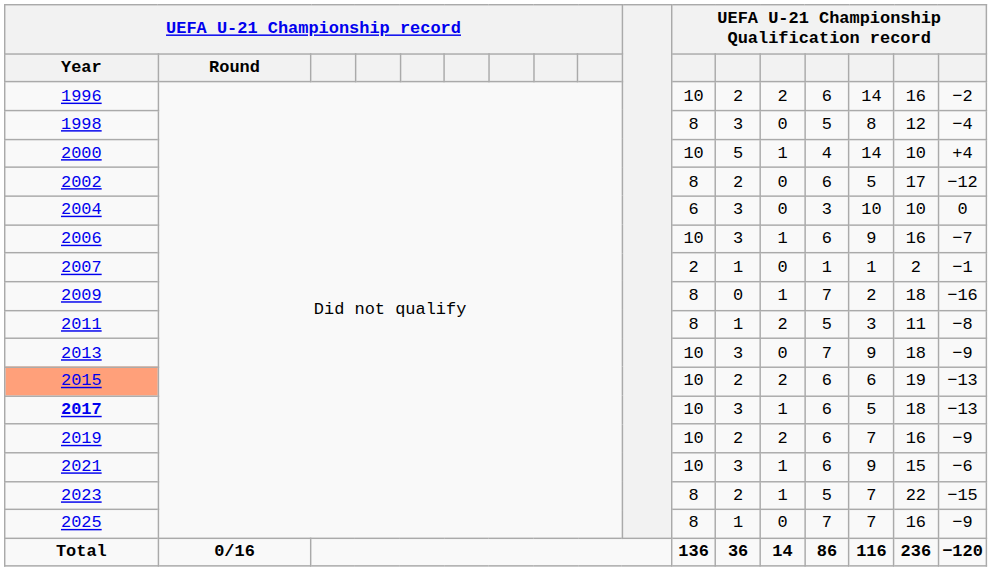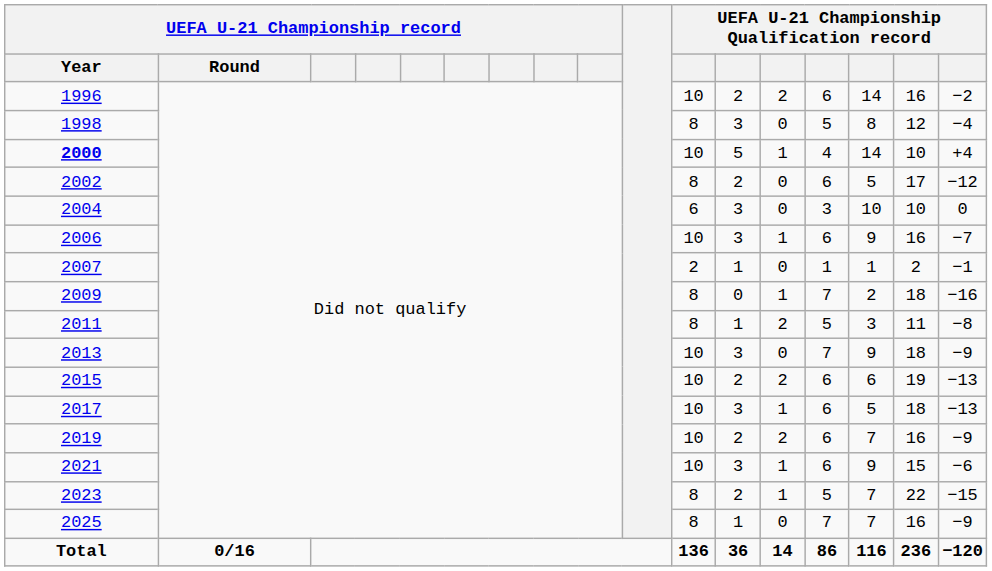 <table class="wikitable" style="text-align: center; font-size: 90%;">
 <tr>
 <th colspan=9><a href='#'>UEFA U-21 Championship record</a></th>
 <th width=5% rowspan=18></th>
 <th colspan=7>UEFA U-21 Championship Qualification record</th>
 </tr>
 <tr>
 <th width=100>Year</th>
 <th width=100>Round</th>
 <th width=25></th>
 <th width=25></th>
 <th width=25></th>
 <th width=25></th>
 <th width=25></th>
 <th width=25></th>
 <th width=25></th>
 <th width=25></th>
 <th width=25></th>
 <th width=25></th>
 <th width=25></th>
 <th width=25></th>
 <th width=25></th>
 <th width=25></th>
 </tr>
 <tr>
 <td> <a href='#'>1996</a></td>
 <td rowspan=16 colspan=8>Did not qualify</td>
 <td>10</td>
 <td>2</td>
 <td>2</td>
 <td>6</td>
 <td>14</td>
 <td>16</td>
 <td>−2</td>
 </tr>
 <tr>
 <td> <a href='#'>1998</a></td>
 <td>8</td>
 <td>3</td>
 <td>0</td>
 <td>5</td>
 <td>8</td>
 <td>12</td>
 <td>−4</td>
 </tr>
 <tr>
-<td> <a href='#'>2000</a></td>
+<td><strong> <a href='#'>2000</a></strong></td>
 <td>10</td>
 <td>5</td>
 <td>1</td>
 <td>4</td>
 <td>14</td>
 <td>10</td>
 <td>+4</td>
 </tr>
 <tr>
 <td> <a href='#'>2002</a></td>
 <td>8</td>
 <td>2</td>
 <td>0</td>
 <td>6</td>
 <td>5</td>
 <td>17</td>
 <td>−12</td>
 </tr>
 <tr>
 <td> <a href='#'>2004</a></td>
 <td>6</td>
 <td>3</td>
 <td>0</td>
 <td>3</td>
 <td>10</td>
 <td>10</td>
 <td>0</td>
 </tr>
 <tr>
 <td> <a href='#'>2006</a></td>
 <td>10</td>
 <td>3</td>
 <td>1</td>
 <td>6</td>
 <td>9</td>
 <td>16</td>
 <td>−7</td>
 </tr>
 <tr>
 <td> <a href='#'>2007</a></td>
 <td>2</td>
 <td>1</td>
 <td>0</td>
 <td>1</td>
 <td>1</td>
 <td>2</td>
 <td>−1</td>
 </tr>
 <tr>
 <td> <a href='#'>2009</a></td>
 <td>8</td>
 <td>0</td>
 <td>1</td>
 <td>7</td>
 <td>2</td>
 <td>18</td>
 <td>−16</td>
 </tr>
 <tr>
 <td> <a href='#'>2011</a></td>
 <td>8</td>
 <td>1</td>
 <td>2</td>
 <td>5</td>
 <td>3</td>
 <td>11</td>
 <td>−8</td>
 </tr>
 <tr>
 <td> <a href='#'>2013</a></td>
 <td>10</td>
 <td>3</td>
 <td>0</td>
 <td>7</td>
 <td>9</td>
 <td>18</td>
 <td>−9</td>
 </tr>
 <tr>
-<td style="background: lightsalmon;"> <a href='#'>2015</a></td>
+<td> <a href='#'>2015</a></td>
 <td>10</td>
 <td>2</td>
 <td>2</td>
 <td>6</td>
 <td>6</td>
 <td>19</td>
 <td>−13</td>
 </tr>
 <tr>
-<td><strong> <a href='#'>2017</a></strong></td>
+<td> <a href='#'>2017</a></td>
 <td>10</td>
 <td>3</td>
 <td>1</td>
 <td>6</td>
 <td>5</td>
 <td>18</td>
 <td>−13</td>
 </tr>
 <tr>
 <td> <a href='#'>2019</a></td>
 <td>10</td>
 <td>2</td>
 <td>2</td>
 <td>6</td>
 <td>7</td>
 <td>16</td>
 <td>−9</td>
 </tr>
 <tr>
 <td> <a href='#'>2021</a></td>
 <td>10</td>
 <td>3</td>
 <td>1</td>
 <td>6</td>
 <td>9</td>
 <td>15</td>
 <td>−6</td>
 </tr>
 <tr>
 <td> <a href='#'>2023</a></td>
 <td>8</td>
 <td>2</td>
 <td>1</td>
 <td>5</td>
 <td>7</td>
 <td>22</td>
 <td>−15</td>
 </tr>
 <tr>
 <td> <a href='#'>2025</a></td>
 <td>8</td>
 <td>1</td>
 <td>0</td>
 <td>7</td>
 <td>7</td>
 <td>16</td>
 <td>−9</td>
 </tr>
 <tr>
 <td><strong>Total</strong></td>
 <td><strong>0/16</strong></td>
 <td colspan=8></td>
 <td><strong>136</strong></td>
 <td><strong>36</strong></td>
 <td><strong>14</strong></td>
 <td><strong>86</strong></td>
 <td><strong>116</strong></td>
 <td><strong>236</strong></td>
 <td><strong>−120<em></td>
 </tr>
 </table>
